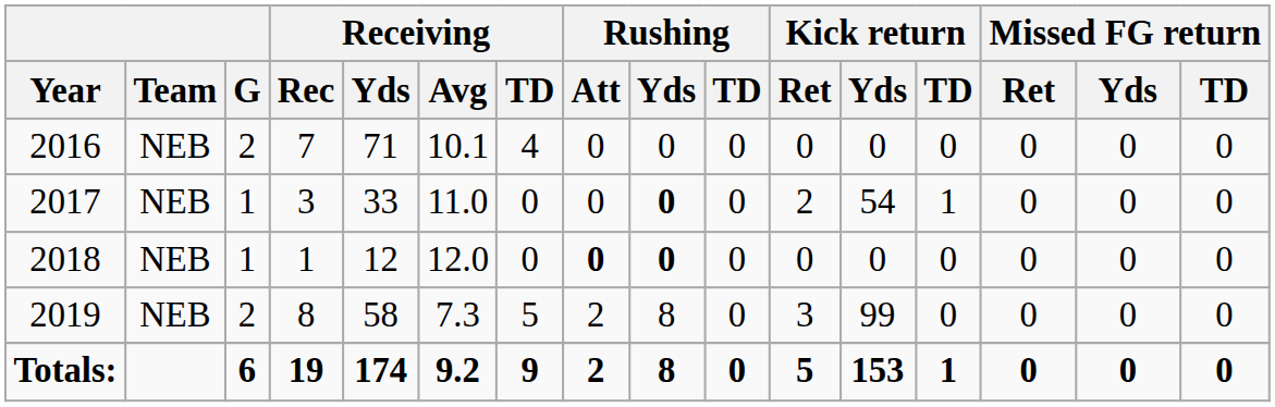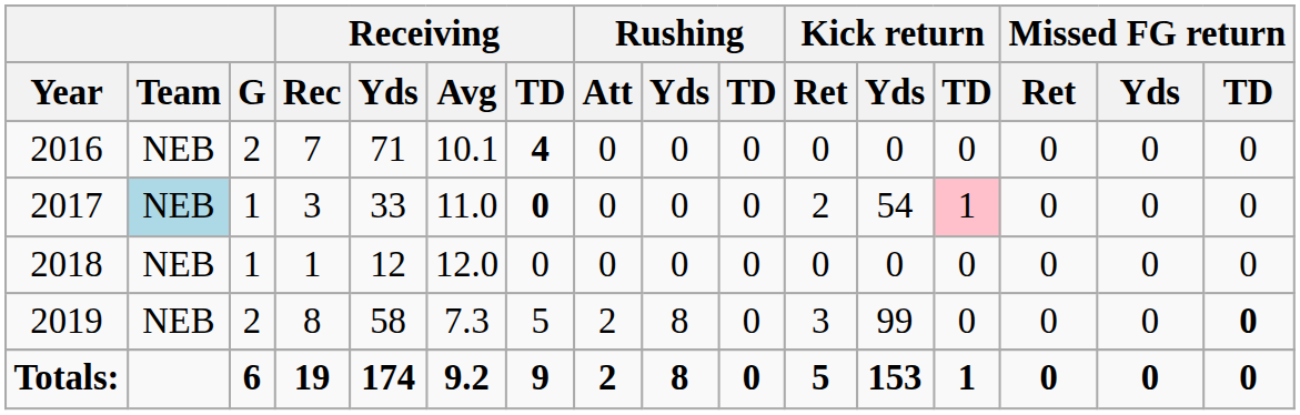 <table class="wikitable" style="text-align:center;">
 <tr>
 <th colspan="3"></th>
 <th colspan="4">Receiving</th>
 <th colspan="3">Rushing</th>
 <th colspan="3">Kick return</th>
 <th colspan="3">Missed FG return</th>
 </tr>
 <tr>
 <th>Year</th>
 <th>Team</th>
 <th>G</th>
 <th>Rec</th>
 <th>Yds</th>
 <th>Avg</th>
 <th>TD</th>
 <th>Att</th>
 <th>Yds</th>
 <th>TD</th>
 <th>Ret</th>
 <th>Yds</th>
 <th>TD</th>
 <th>Ret</th>
 <th>Yds</th>
 <th>TD</th>
 </tr>
 <tr>
 <td>2016</td>
 <td>NEB</td>
 <td>2</td>
 <td>7</td>
 <td>71</td>
 <td>10.1</td>
-<td>4</td>
+<td><strong>4</strong></td>
 <td>0</td>
 <td>0</td>
 <td>0</td>
 <td>0</td>
 <td>0</td>
 <td>0</td>
 <td>0</td>
 <td>0</td>
 <td>0</td>
 </tr>
 <tr>
 <td>2017</td>
-<td>NEB</td>
+<td style="background: lightblue;">NEB</td>
 <td>1</td>
 <td>3</td>
 <td>33</td>
 <td>11.0</td>
+<td><strong>0</strong></td>
 <td>0</td>
 <td>0</td>
-<td><strong>0</strong></td>
 <td>0</td>
 <td>2</td>
 <td>54</td>
-<td>1</td>
+<td style="background: pink;">1</td>
 <td>0</td>
 <td>0</td>
 <td>0</td>
 </tr>
 <tr>
 <td>2018</td>
 <td>NEB</td>
 <td>1</td>
 <td>1</td>
 <td>12</td>
 <td>12.0</td>
 <td>0</td>
-<td><strong>0</strong></td>
-<td><strong>0</strong></td>
+<td>0</td>
+<td>0</td>
 <td>0</td>
 <td>0</td>
 <td>0</td>
 <td>0</td>
 <td>0</td>
 <td>0</td>
 <td>0</td>
 </tr>
 <tr>
 <td>2019</td>
 <td>NEB</td>
 <td>2</td>
 <td>8</td>
 <td>58</td>
 <td>7.3</td>
 <td>5</td>
 <td>2</td>
 <td>8</td>
 <td>0</td>
 <td>3</td>
 <td>99</td>
 <td>0</td>
 <td>0</td>
 <td>0</td>
-<td>0</td>
+<td><strong>0</strong></td>
 </tr>
 <tr>
 </tr>
 <tr style="text-align:center;">
 <td><strong>Totals:</strong></td>
 <td></td>
 <td><strong>6</strong></td>
 <td><strong>19</strong></td>
 <td><strong>174</strong></td>
 <td><strong>9.2</strong></td>
 <td><strong>9</strong></td>
 <td><strong>2</strong></td>
 <td><strong>8</strong></td>
 <td><strong>0</strong></td>
 <td><strong>5</strong></td>
 <td><strong>153</strong></td>
 <td><strong>1</strong></td>
 <td><strong>0</strong></td>
 <td><strong>0</strong></td>
 <td><strong>0</strong></td>
 </tr>
 </table>
